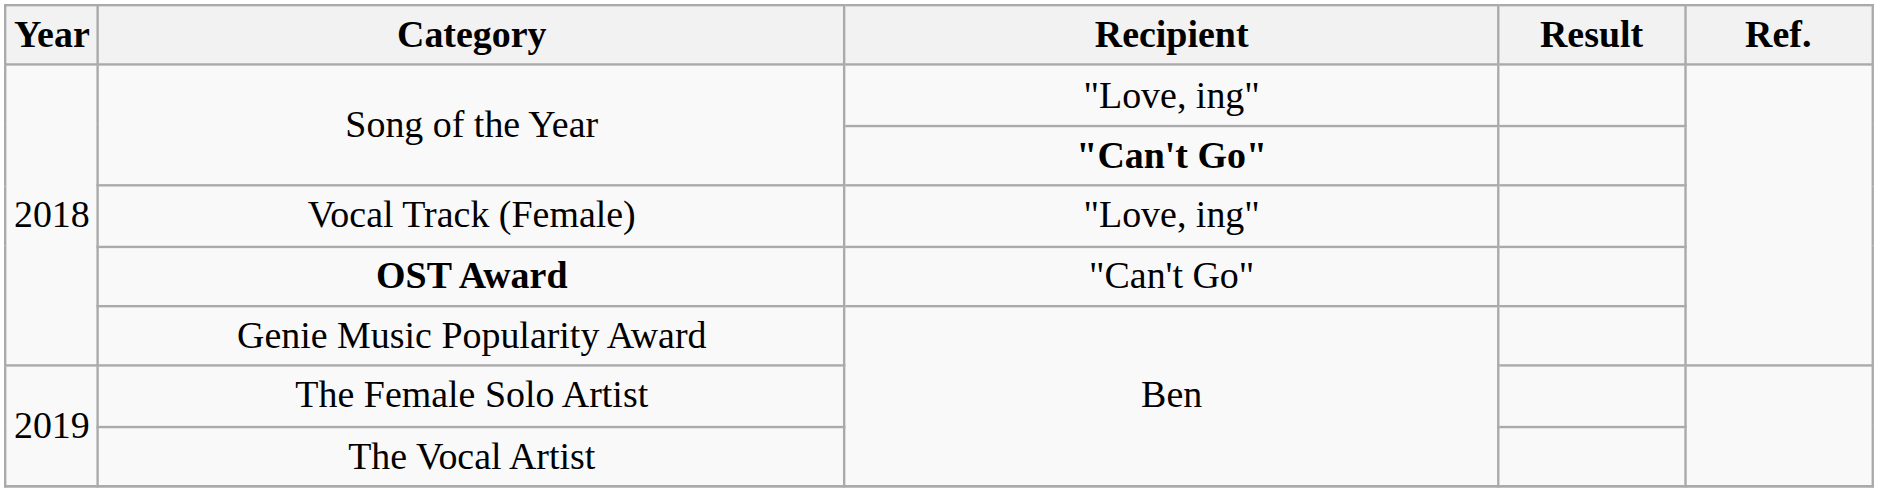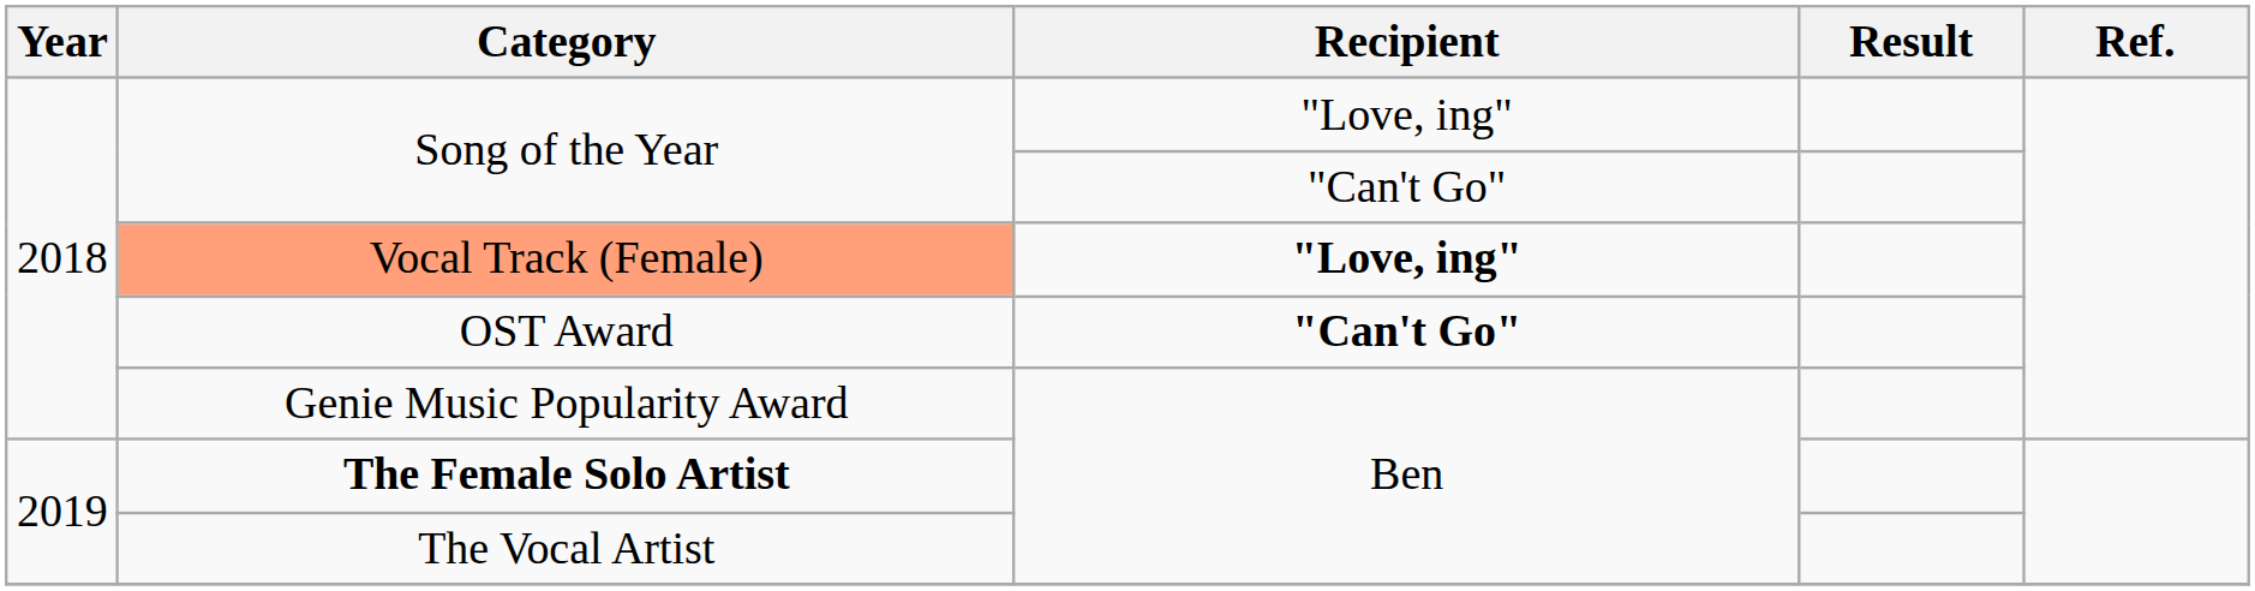 <table class="wikitable" style="text-align:center">
 <tr>
 <th width="5%">Year</th>
 <th width="40%">Category</th>
 <th width="35%">Recipient</th>
 <th width="10%">Result</th>
 <th>Ref.</th>
 </tr>
 <tr>
 <td rowspan=5>2018</td>
 <td rowspan=2>Song of the Year</td>
 <td>"Love, ing"</td>
 <td></td>
 <td rowspan=5></td>
 </tr>
 <tr>
-<td><strong>"Can't Go"</strong></td>
+<td>"Can't Go"</td>
 <td></td>
 </tr>
 <tr>
-<td>Vocal Track (Female)</td>
-<td>"Love, ing"</td>
+<td style="background: lightsalmon;">Vocal Track (Female)</td>
+<td><strong>"Love, ing"</strong></td>
 <td></td>
 </tr>
 <tr>
-<td><strong>OST Award</strong></td>
-<td>"Can't Go"</td>
+<td>OST Award</td>
+<td><strong>"Can't Go"</strong></td>
 <td></td>
 </tr>
 <tr>
 <td>Genie Music Popularity Award</td>
 <td rowspan="3">Ben</td>
 <td></td>
 </tr>
 <tr>
 <td rowspan="2">2019</td>
-<td>The Female Solo Artist</td>
+<td><strong>The Female Solo Artist</strong></td>
 <td></td>
 <td rowspan="2"></td>
 </tr>
 <tr>
 <td>The Vocal Artist</td>
 <td></td>
 </tr>
 <tr>
 </tr>
 </table>
